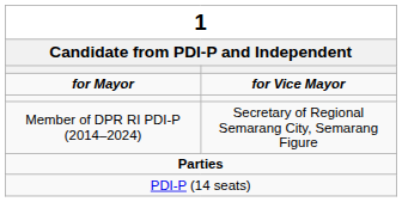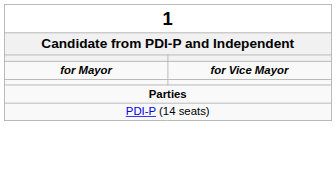 <table class="wikitable" style="font-size:90%; text-align:center;">
 <tr>
 <th colspan="2" style="width:3em; font-size:135%; background:#FFFFFF; width:200px;"><big>1</big></th>
 </tr>
 <tr>
 <td colspan=2 style="background:#f1f1f1;"><strong><big>Candidate from PDI-P and Independent</big></strong></td>
 </tr>
 <tr>
 <th style="width:3em; font-size:135%; background:#"><a href='#'></a></th>
 <th style="width:3em; font-size:135%; background:#"><a href='#'></a></th>
 </tr>
 <tr style="color:#000; font-size:100%; background:#">
 <td style="width:3em; width:200px;"><strong><em>for Mayor</em></strong></td>
 <td style="width:3em; width:200px;"><strong><em>for Vice Mayor</em></strong></td>
 </tr>
 <tr>
 <td></td>
 <td></td>
 </tr>
 <tr>
-<td>Member of DPR RI PDI-P (2014–2024)</td>
-<td>Secretary of Regional Semarang City, Semarang Figure</td>
-</tr>
-<tr>
 <td colspan=2 style="background:#"><strong>Parties</strong></td>
 </tr>
 <tr>
 <td colspan=2> <a href='#'>PDI-P</a> (14 seats)</td>
 </tr>
 </table>
